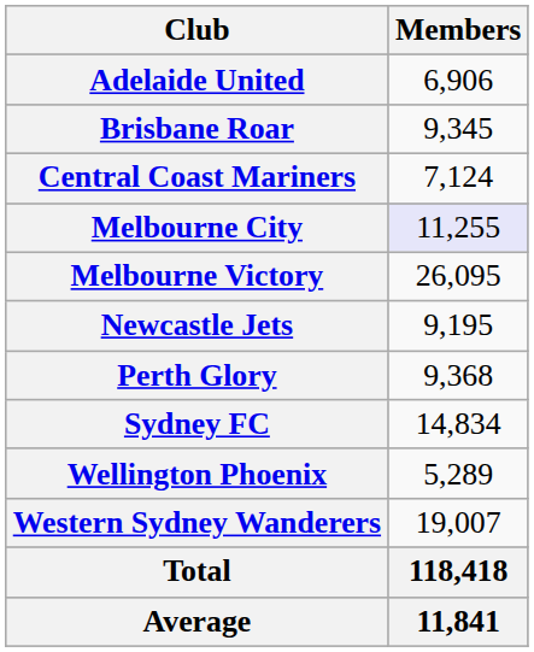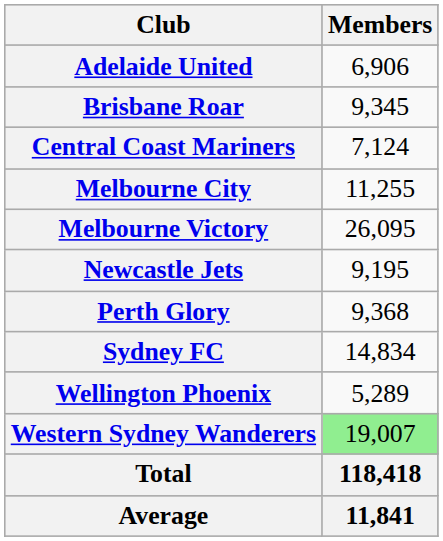 <table class="wikitable plainrowheaders sortable" style="text-align:center;">
 <tr>
 <th>Club</th>
 <th>Members</th>
 </tr>
 <tr>
 <th scope="row"><a href='#'>Adelaide United</a></th>
 <td>6,906</td>
 </tr>
 <tr>
 <th scope="row"><a href='#'>Brisbane Roar</a></th>
 <td>9,345</td>
 </tr>
 <tr>
 <th scope="row"><a href='#'>Central Coast Mariners</a></th>
 <td>7,124</td>
 </tr>
 <tr>
 <th scope="row"><a href='#'>Melbourne City</a></th>
-<td style="background: lavender;">11,255</td>
+<td>11,255</td>
 </tr>
 <tr>
 <th scope="row"><a href='#'>Melbourne Victory</a></th>
 <td>26,095</td>
 </tr>
 <tr>
 <th scope="row"><a href='#'>Newcastle Jets</a></th>
 <td>9,195</td>
 </tr>
 <tr>
 <th scope="row"><a href='#'>Perth Glory</a></th>
 <td>9,368</td>
 </tr>
 <tr>
 <th scope="row"><a href='#'>Sydney FC</a></th>
 <td>14,834</td>
 </tr>
 <tr>
 <th scope="row"><a href='#'>Wellington Phoenix</a></th>
 <td>5,289</td>
 </tr>
 <tr>
 <th scope="row"><a href='#'>Western Sydney Wanderers</a></th>
-<td>19,007</td>
+<td style="background: lightgreen;">19,007</td>
 </tr>
 <tr>
 <th>Total</th>
 <th>118,418</th>
 </tr>
 <tr>
 <th>Average</th>
 <th>11,841</th>
 </tr>
 </table>
